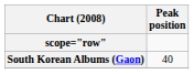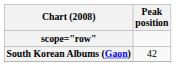 <table class="wikitable sortable plainrowheaders" style="text-align:center">
 <tr>
 <th scope="col">Chart (2008)</th>
 <th scope="col">Peak<br>position</th>
 </tr>
 <tr>
 <th>scope="row" </th>
 </tr>
 <tr>
 <th scope="row">South Korean Albums (<a href='#'>Gaon</a>)</th>
-<td style="text-align:center;">40</td>
+<td style="text-align:center;">42</td>
 </tr>
 <tr>
 </tr>
 <tr>
 </tr>
 <tr>
 </tr>
 <tr>
 </tr>
 </table>
